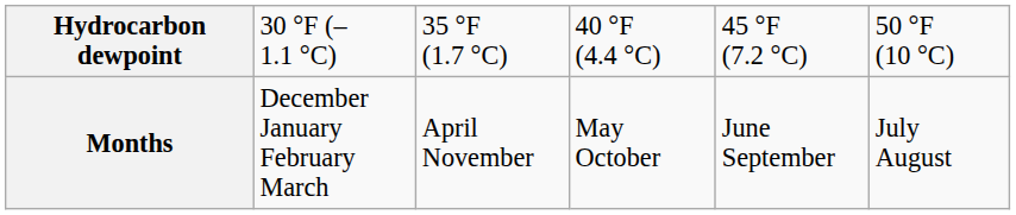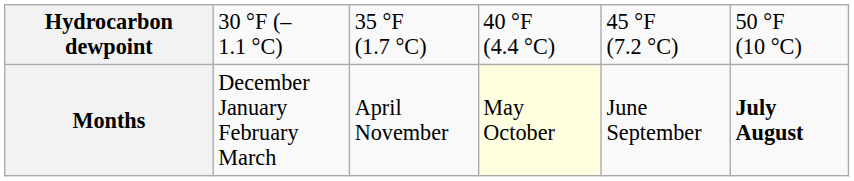 <table class="wikitable">
 <tr>
 <th>Hydrocarbon dewpoint</th>
 <td>30 °F (–1.1 °C)</td>
 <td>35 °F (1.7 °C)</td>
 <td>40 °F (4.4 °C)</td>
 <td>45 °F (7.2 °C)</td>
 <td>50 °F (10 °C)</td>
 </tr>
 <tr>
 <th>Months</th>
 <td>December<br>January<br>February<br>March</td>
 <td>April<br>November</td>
-<td>May<br>October</td>
+<td style="background: lightyellow;">May<br>October</td>
 <td>June<br>September</td>
-<td>July<br>August</td>
+<td><strong>July<br>August</strong></td>
 </tr>
 </table>
